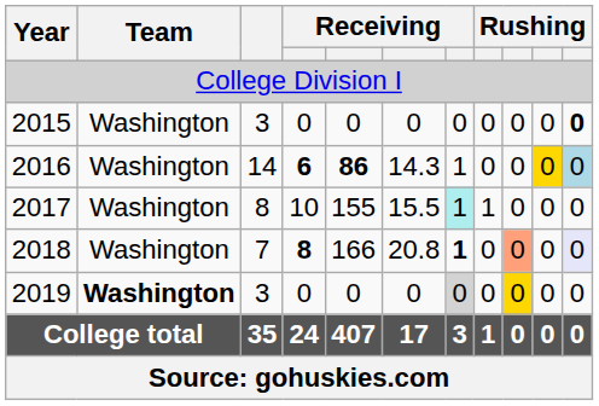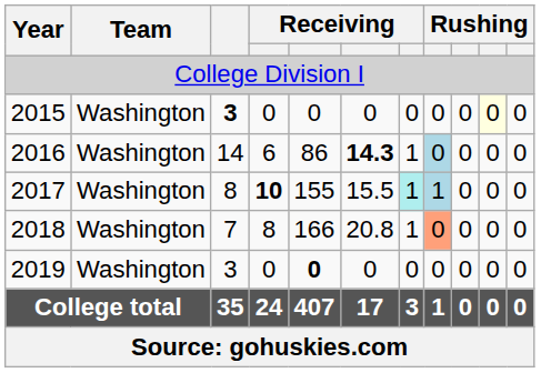 <table class="wikitable" style="text-align: center;">
 <tr>
 <th rowspan="2">Year</th>
 <th rowspan="2">Team</th>
 <th rowspan="2"></th>
 <th colspan="4">Receiving</th>
 <th colspan="4">Rushing</th>
 </tr>
 <tr>
 <th></th>
 <th></th>
 <th></th>
 <th></th>
 <th></th>
 <th></th>
 <th></th>
 <th></th>
 </tr>
 <tr>
 <td colspan="15" style="background-color:#D1D1D1"><a href='#'>College Division I</a></td>
 </tr>
 <tr>
 <td>2015</td>
 <td>Washington</td>
-<td>3</td>
+<td><strong>3</strong></td>
 <td>0</td>
 <td>0</td>
 <td>0</td>
 <td>0</td>
 <td>0</td>
 <td>0</td>
+<td style="background: lightyellow;">0</td>
 <td>0</td>
-<td><strong>0</strong></td>
 </tr>
 <tr>
 <td>2016</td>
 <td>Washington</td>
 <td>14</td>
-<td><strong>6</strong></td>
-<td><strong>86</strong></td>
-<td>14.3</td>
+<td>6</td>
+<td>86</td>
+<td><strong>14.3</strong></td>
 <td>1</td>
+<td style="background: lightblue;">0</td>
 <td>0</td>
 <td>0</td>
-<td style="background: gold;">0</td>
-<td style="background: lightblue;">0</td>
+<td>0</td>
 </tr>
 <tr>
 <td>2017</td>
 <td>Washington</td>
 <td>8</td>
-<td>10</td>
+<td><strong>10</strong></td>
 <td>155</td>
 <td>15.5</td>
 <td style="background: paleturquoise;">1</td>
-<td>1</td>
+<td style="background: lightblue;">1</td>
 <td>0</td>
 <td>0</td>
 <td>0</td>
 </tr>
 <tr>
 <td>2018</td>
 <td>Washington</td>
 <td>7</td>
-<td><strong>8</strong></td>
+<td>8</td>
 <td>166</td>
 <td>20.8</td>
-<td><strong>1</strong></td>
-<td>0</td>
+<td>1</td>
 <td style="background: lightsalmon;">0</td>
 <td>0</td>
-<td style="background: lavender;">0</td>
+<td>0</td>
+<td>0</td>
 </tr>
 <tr>
 <td>2019</td>
-<td><strong>Washington</strong></td>
+<td>Washington</td>
 <td>3</td>
+<td>0</td>
+<td><strong>0</strong></td>
 <td>0</td>
 <td>0</td>
 <td>0</td>
-<td style="background: lightgrey;">0</td>
 <td>0</td>
-<td style="background: gold;">0</td>
 <td>0</td>
 <td>0</td>
 </tr>
 <tr style="background:#555555; font-weight:bold; color:white;">
 <td colspan="2">College total</td>
 <td>35</td>
 <td>24</td>
 <td>407</td>
 <td>17</td>
 <td>3</td>
 <td>1</td>
 <td>0</td>
 <td>0</td>
 <td>0</td>
 </tr>
 <tr>
 <th colspan="15">Source: gohuskies.com</th>
 </tr>
 </table>
